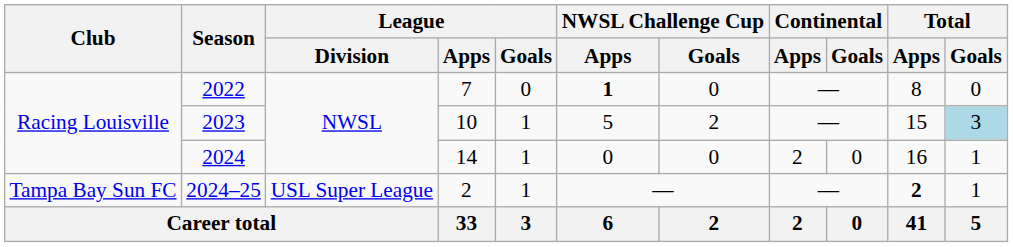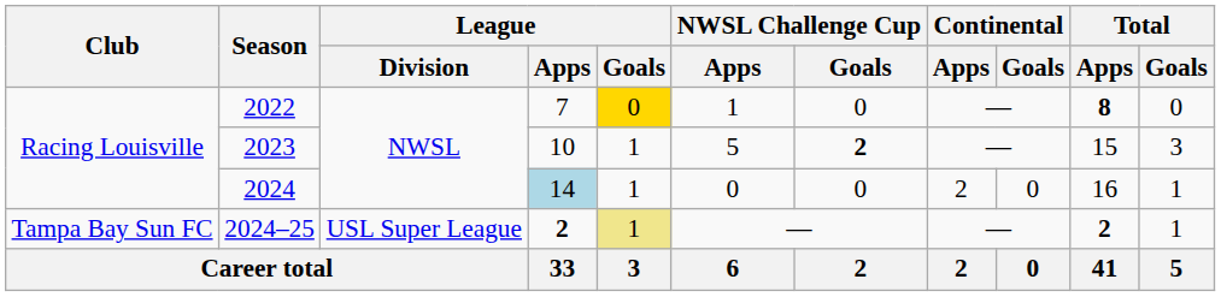 <table class="wikitable" style="text-align:center">
 <tr>
 <th rowspan="2">Club</th>
 <th rowspan="2">Season</th>
 <th colspan="3">League</th>
 <th colspan="2">NWSL Challenge Cup</th>
 <th colspan="2">Continental</th>
 <th colspan="2">Total</th>
 </tr>
 <tr>
 <th>Division</th>
 <th>Apps</th>
 <th>Goals</th>
 <th>Apps</th>
 <th>Goals</th>
 <th>Apps</th>
 <th>Goals</th>
 <th>Apps</th>
 <th>Goals</th>
 </tr>
 <tr>
 <td rowspan="3"><a href='#'>Racing Louisville</a></td>
 <td><a href='#'>2022</a></td>
 <td rowspan="3"><a href='#'>NWSL</a></td>
 <td>7</td>
-<td>0</td>
-<td><strong>1</strong></td>
+<td style="background: gold;">0</td>
+<td>1</td>
 <td>0</td>
 <td colspan="2">—</td>
-<td>8</td>
+<td><strong>8</strong></td>
 <td>0</td>
 </tr>
 <tr>
 <td><a href='#'>2023</a></td>
 <td>10</td>
 <td>1</td>
 <td>5</td>
-<td>2</td>
+<td><strong>2</strong></td>
 <td colspan="2">—</td>
 <td>15</td>
-<td style="background: lightblue;">3</td>
+<td>3</td>
 </tr>
 <tr>
 <td><a href='#'>2024</a></td>
-<td>14</td>
+<td style="background: lightblue;">14</td>
 <td>1</td>
 <td>0</td>
 <td>0</td>
 <td>2</td>
 <td>0</td>
 <td>16</td>
 <td>1</td>
 </tr>
 <tr>
 <td><a href='#'>Tampa Bay Sun FC</a></td>
 <td><a href='#'>2024–25</a></td>
 <td><a href='#'>USL Super League</a></td>
-<td>2</td>
-<td>1</td>
+<td><strong>2</strong></td>
+<td style="background: khaki;">1</td>
 <td colspan="2">—</td>
 <td colspan="2">—</td>
 <td><strong>2</strong></td>
 <td>1</td>
 </tr>
 <tr>
 <th colspan="3">Career total</th>
 <th>33</th>
 <th>3</th>
 <th>6</th>
 <th>2</th>
 <th>2</th>
 <th>0</th>
 <th>41</th>
 <th>5</th>
 </tr>
 </table>
